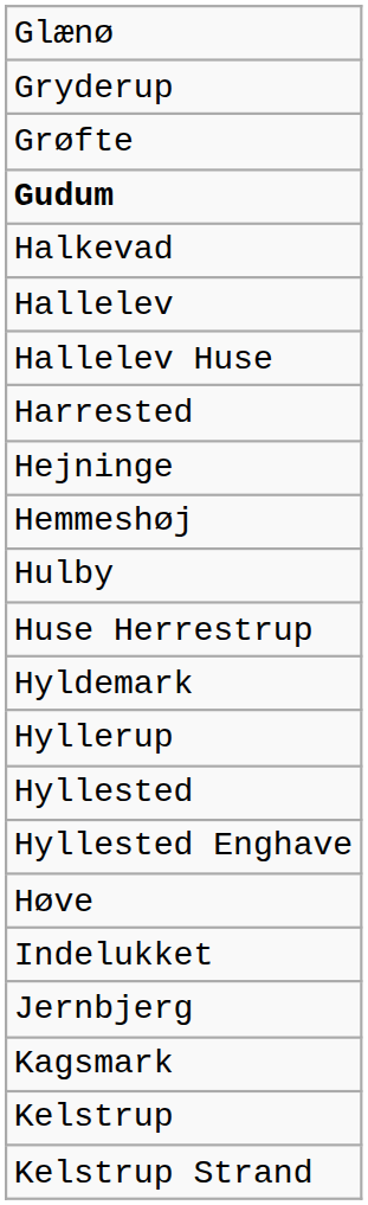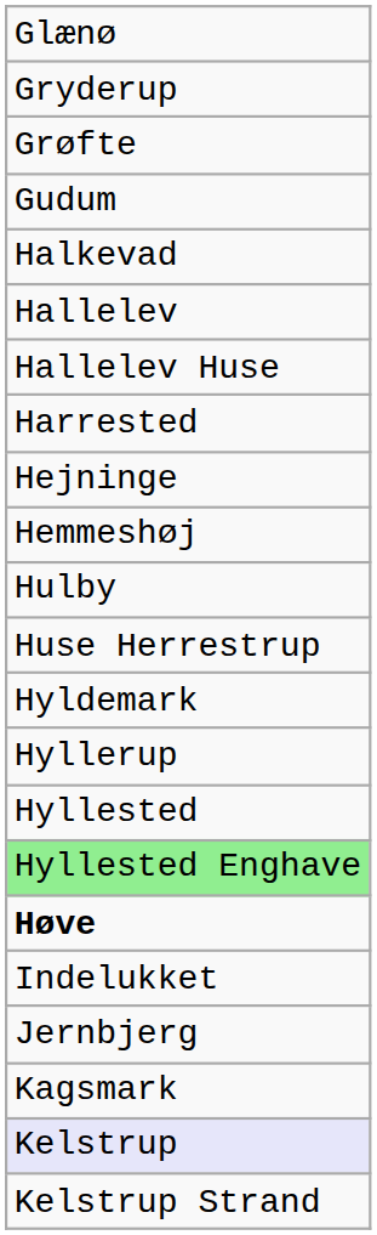 <table class="wikitable" style="float:left; margin-right:1em">
 <tr>
 <td>Glænø</td>
 </tr>
 <tr>
 <td>Gryderup</td>
 </tr>
 <tr>
 <td>Grøfte</td>
 </tr>
 <tr>
-<td><strong>Gudum</strong></td>
+<td>Gudum</td>
 </tr>
 <tr>
 <td>Halkevad</td>
 </tr>
 <tr>
 <td>Hallelev</td>
 </tr>
 <tr>
 <td>Hallelev Huse</td>
 </tr>
 <tr>
 <td>Harrested</td>
 </tr>
 <tr>
 <td>Hejninge</td>
 </tr>
 <tr>
 <td>Hemmeshøj</td>
 </tr>
 <tr>
 <td>Hulby</td>
 </tr>
 <tr>
 <td>Huse Herrestrup</td>
 </tr>
 <tr>
 <td>Hyldemark</td>
 </tr>
 <tr>
 <td>Hyllerup</td>
 </tr>
 <tr>
 <td>Hyllested</td>
 </tr>
 <tr>
-<td>Hyllested Enghave</td>
+<td style="background: lightgreen;">Hyllested Enghave</td>
 </tr>
 <tr>
-<td>Høve</td>
+<td><strong>Høve</strong></td>
 </tr>
 <tr>
 <td>Indelukket</td>
 </tr>
 <tr>
 <td>Jernbjerg</td>
 </tr>
 <tr>
 <td>Kagsmark</td>
 </tr>
 <tr>
-<td>Kelstrup</td>
+<td style="background: lavender;">Kelstrup</td>
 </tr>
 <tr>
 <td>Kelstrup Strand</td>
 </tr>
 </table>
